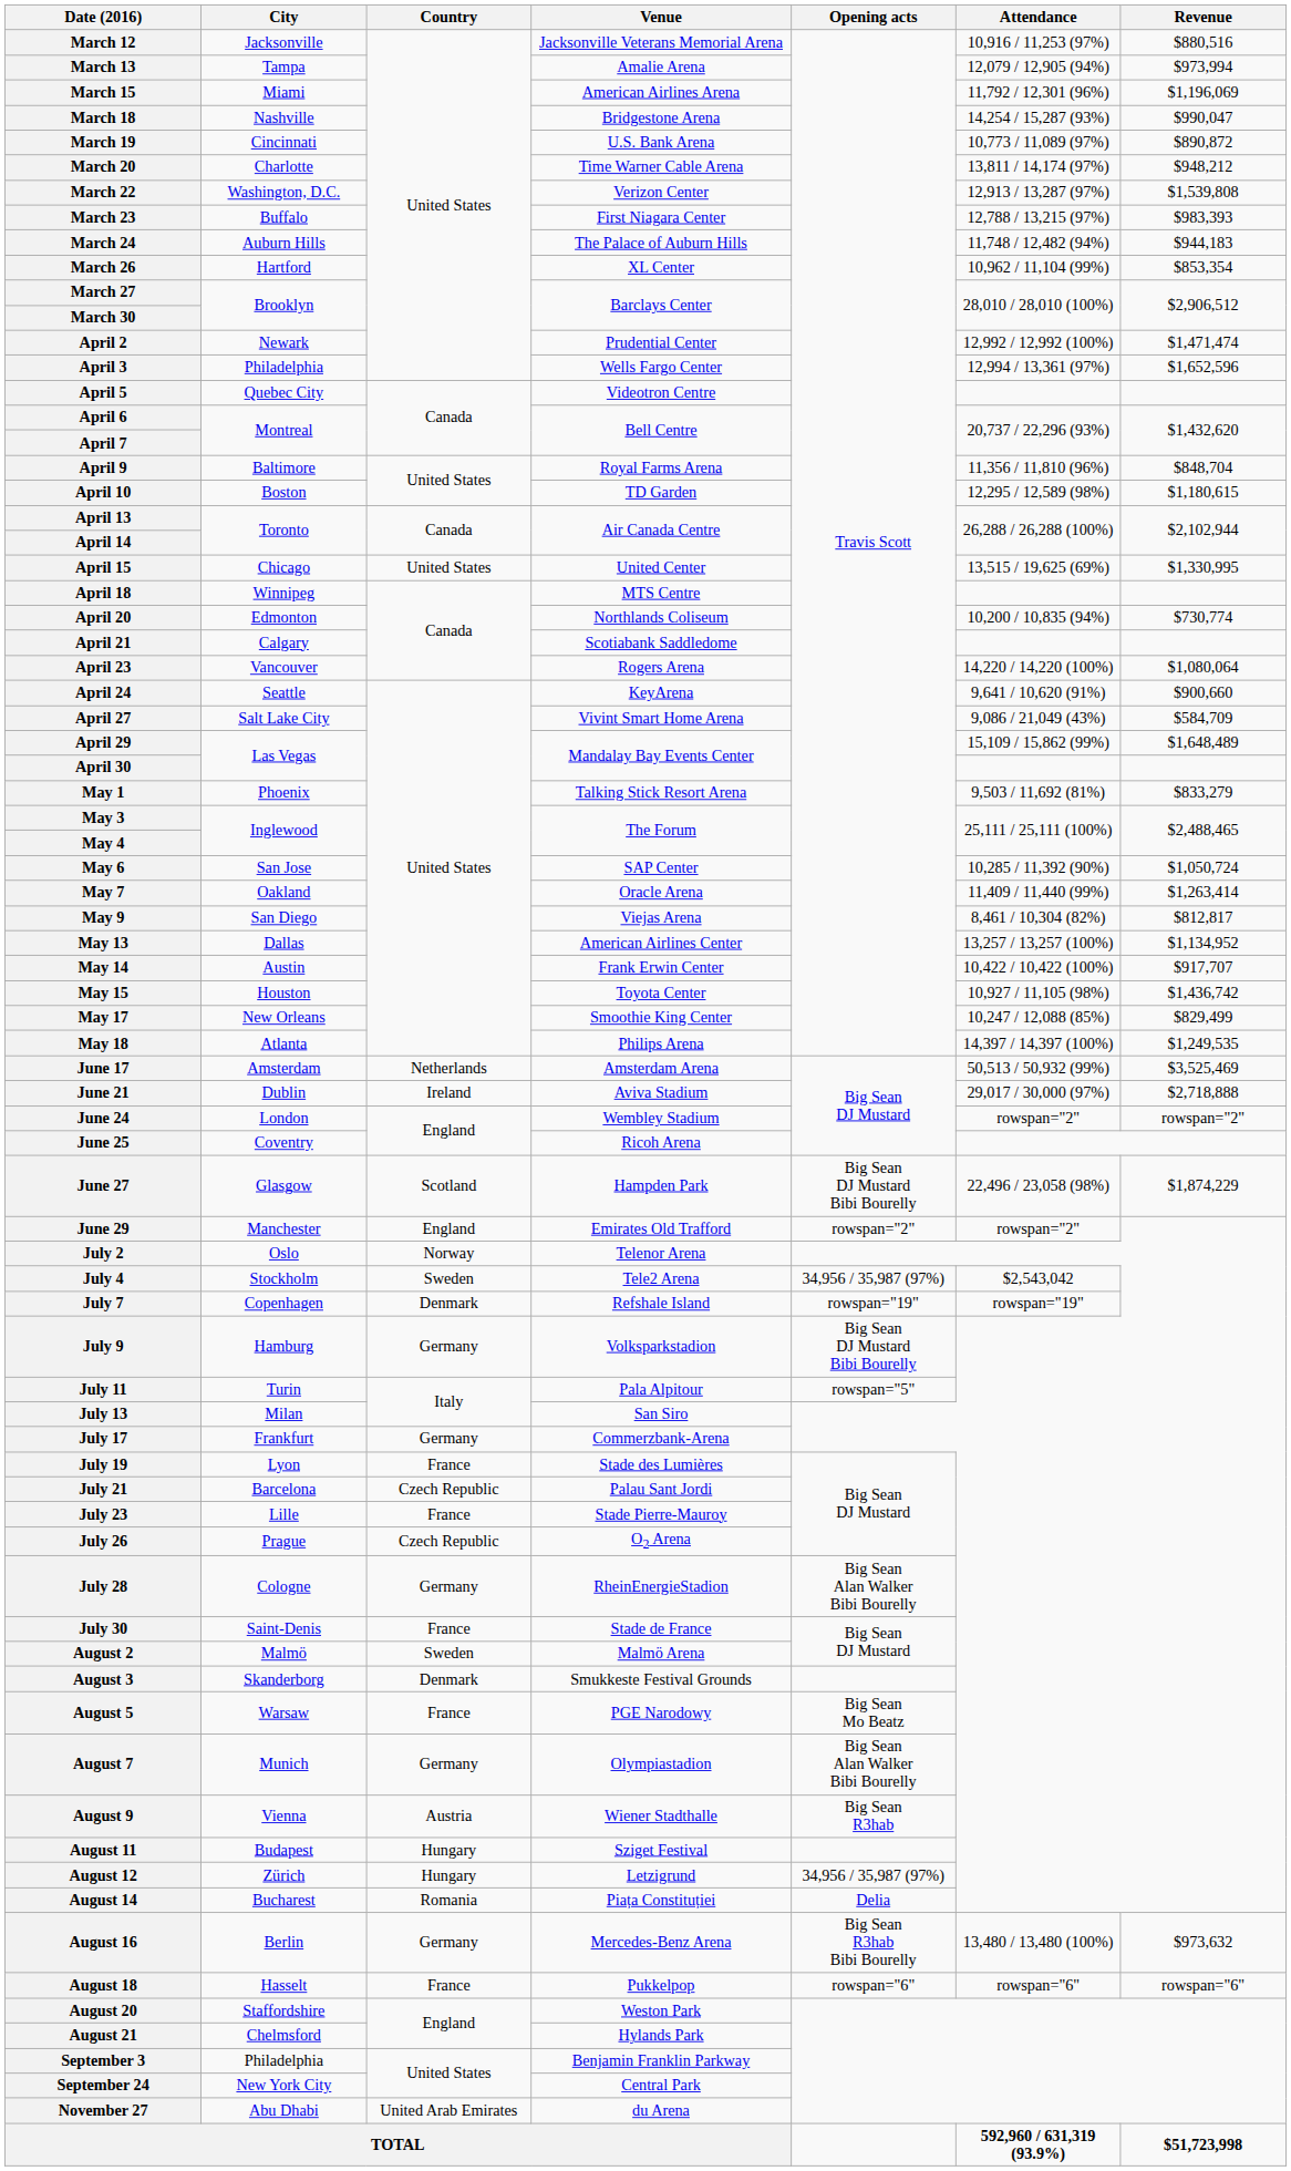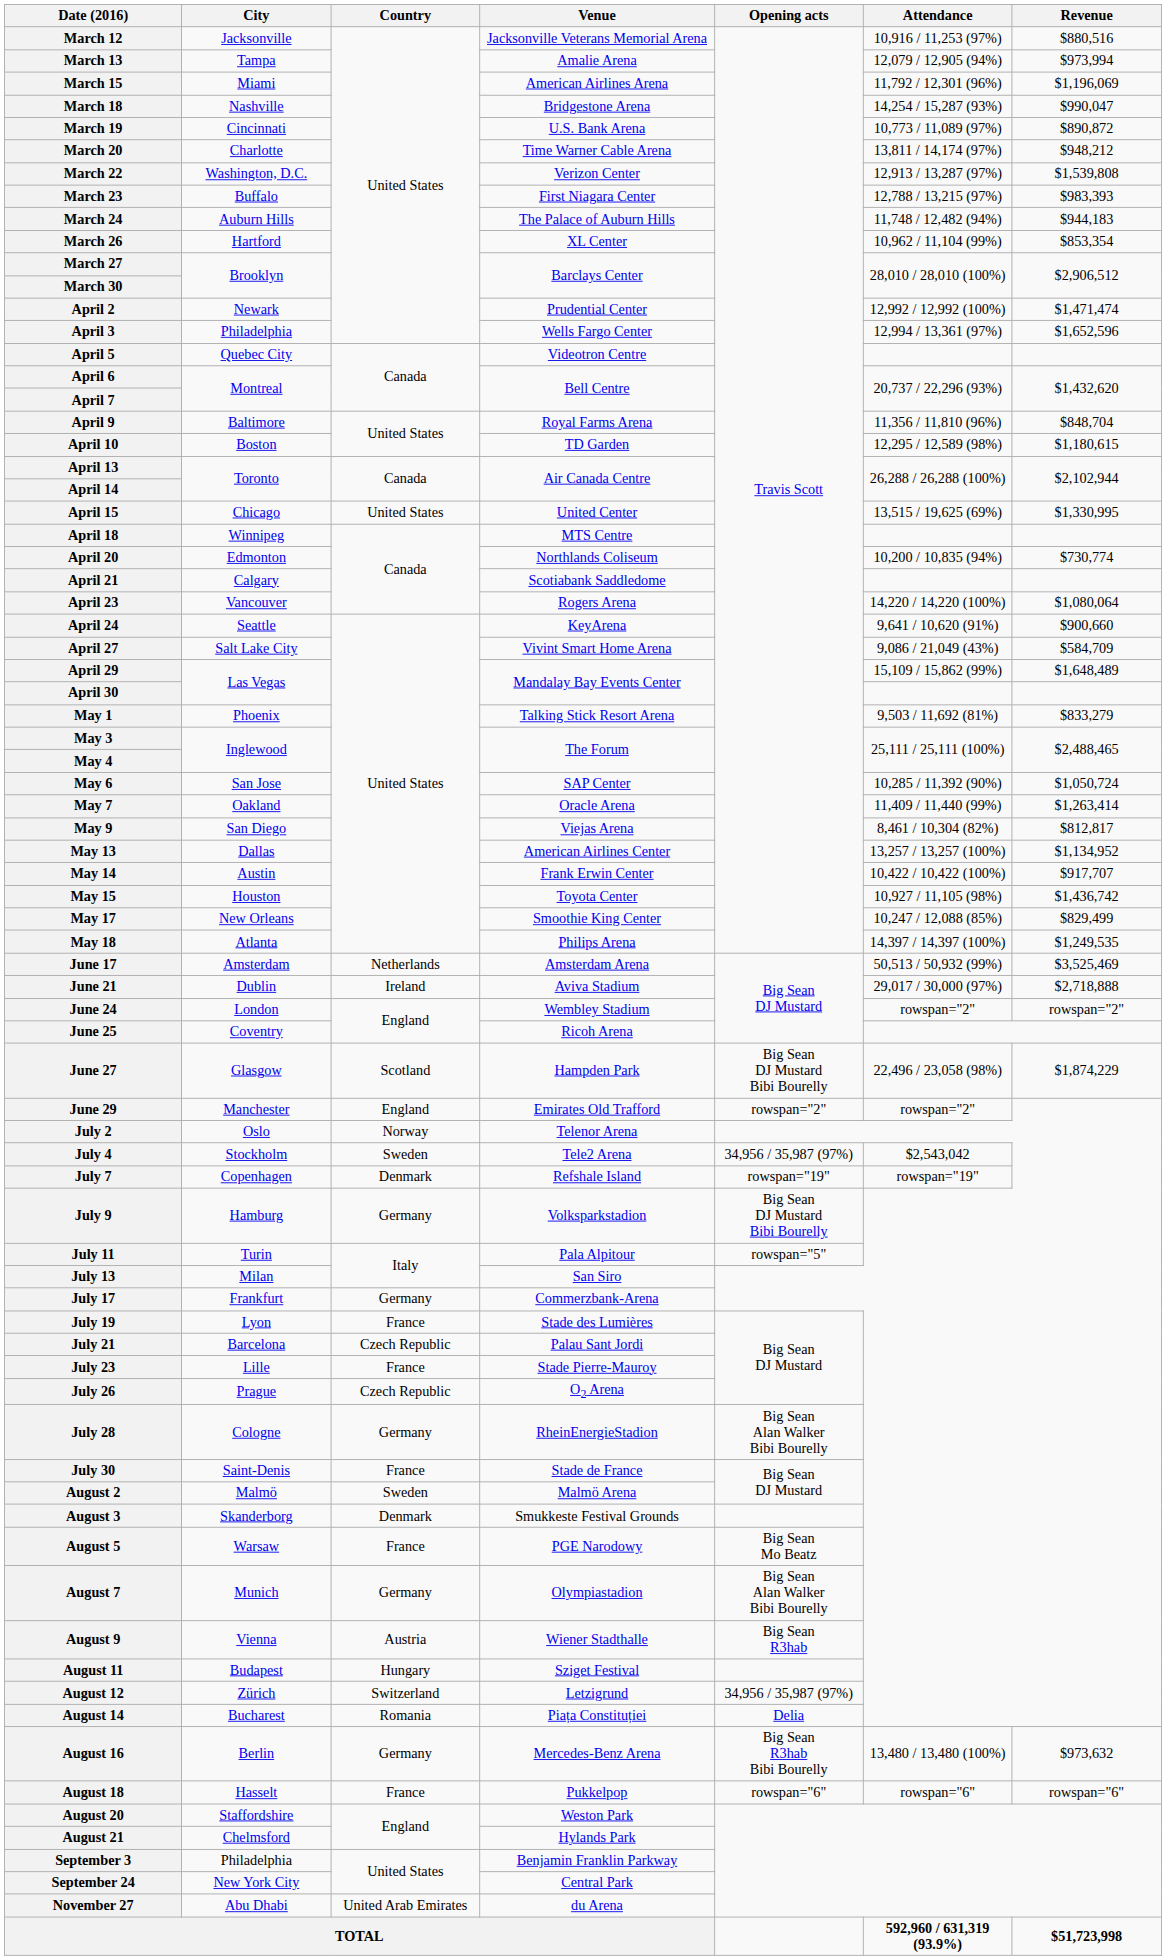 <table class="wikitable plainrowheaders" style="text-align:center;">
 <tr>
 <th scope="col" style="width:12em;">Date (2016)</th>
 <th scope="col" style="width:10em;">City</th>
 <th scope="col" style="width:10em;">Country</th>
 <th scope="col" style="width:16em;">Venue</th>
 <th scope="col" style="width:10em;">Opening acts</th>
 <th scope="col" style="width:10em;">Attendance</th>
 <th scope="col" style="width:10em;">Revenue</th>
 </tr>
 <tr>
 <th scope="row" style="text-align:center;">March 12</th>
 <td><a href='#'>Jacksonville</a></td>
 <td rowspan="14">United States</td>
 <td><a href='#'>Jacksonville Veterans Memorial Arena</a></td>
 <td rowspan="41"><a href='#'>Travis Scott</a><br></td>
 <td>10,916 / 11,253 (97%)</td>
 <td>$880,516</td>
 </tr>
 <tr>
 <th scope="row" style="text-align:center;">March 13</th>
 <td><a href='#'>Tampa</a></td>
 <td><a href='#'>Amalie Arena</a></td>
 <td>12,079 / 12,905 (94%)</td>
 <td>$973,994</td>
 </tr>
 <tr>
 <th scope="row" style="text-align:center;">March 15</th>
 <td><a href='#'>Miami</a></td>
 <td><a href='#'>American Airlines Arena</a></td>
 <td>11,792 / 12,301 (96%)</td>
 <td>$1,196,069</td>
 </tr>
 <tr>
 <th scope="row" style="text-align:center;">March 18</th>
 <td><a href='#'>Nashville</a></td>
 <td><a href='#'>Bridgestone Arena</a></td>
 <td>14,254 / 15,287 (93%)</td>
 <td>$990,047</td>
 </tr>
 <tr>
 <th scope="row" style="text-align:center;">March 19</th>
 <td><a href='#'>Cincinnati</a></td>
 <td><a href='#'>U.S. Bank Arena</a></td>
 <td>10,773 / 11,089 (97%)</td>
 <td>$890,872</td>
 </tr>
 <tr>
 <th scope="row" style="text-align:center;">March 20</th>
 <td><a href='#'>Charlotte</a></td>
 <td><a href='#'>Time Warner Cable Arena</a></td>
 <td>13,811 / 14,174 (97%)</td>
 <td>$948,212</td>
 </tr>
 <tr>
 <th scope="row" style="text-align:center;">March 22</th>
 <td><a href='#'>Washington, D.C.</a></td>
 <td><a href='#'>Verizon Center</a></td>
 <td>12,913 / 13,287 (97%)</td>
 <td>$1,539,808</td>
 </tr>
 <tr>
 <th scope="row" style="text-align:center;">March 23</th>
 <td><a href='#'>Buffalo</a></td>
 <td><a href='#'>First Niagara Center</a></td>
 <td>12,788 / 13,215 (97%)</td>
 <td>$983,393</td>
 </tr>
 <tr>
 <th scope="row" style="text-align:center;">March 24</th>
 <td><a href='#'>Auburn Hills</a></td>
 <td><a href='#'>The Palace of Auburn Hills</a></td>
 <td>11,748 / 12,482 (94%)</td>
 <td>$944,183</td>
 </tr>
 <tr>
 <th scope="row" style="text-align:center;">March 26</th>
 <td><a href='#'>Hartford</a></td>
 <td><a href='#'>XL Center</a></td>
 <td>10,962 / 11,104 (99%)</td>
 <td>$853,354</td>
 </tr>
 <tr>
 <th scope="row" style="text-align:center;">March 27</th>
 <td rowspan="2"><a href='#'>Brooklyn</a></td>
 <td rowspan="2"><a href='#'>Barclays Center</a></td>
 <td rowspan="2">28,010 / 28,010 (100%)</td>
 <td rowspan="2">$2,906,512</td>
 </tr>
 <tr>
 <th scope="row" style="text-align:center;">March 30</th>
 </tr>
 <tr>
 <th scope="row" style="text-align:center;">April 2</th>
 <td><a href='#'>Newark</a></td>
 <td><a href='#'>Prudential Center</a></td>
 <td>12,992 / 12,992  (100%)</td>
 <td>$1,471,474</td>
 </tr>
 <tr>
 <th scope="row" style="text-align:center;">April 3</th>
 <td><a href='#'>Philadelphia</a></td>
 <td><a href='#'>Wells Fargo Center</a></td>
 <td>12,994 / 13,361 (97%)</td>
 <td>$1,652,596</td>
 </tr>
 <tr>
 <th scope="row" style="text-align:center;">April 5</th>
 <td><a href='#'>Quebec City</a></td>
 <td rowspan="3">Canada</td>
 <td><a href='#'>Videotron Centre</a></td>
 <td></td>
 <td></td>
 </tr>
 <tr>
 <th scope="row" style="text-align:center;">April 6</th>
 <td rowspan="2"><a href='#'>Montreal</a></td>
 <td rowspan="2"><a href='#'>Bell Centre</a></td>
 <td rowspan="2">20,737 / 22,296 (93%)</td>
 <td rowspan="2">$1,432,620</td>
 </tr>
 <tr>
 <th scope="row" style="text-align:center;">April 7</th>
 </tr>
 <tr>
 <th scope="row" style="text-align:center;">April 9</th>
 <td><a href='#'>Baltimore</a></td>
 <td rowspan="2">United States</td>
 <td><a href='#'>Royal Farms Arena</a></td>
 <td>11,356 / 11,810 (96%)</td>
 <td>$848,704</td>
 </tr>
 <tr>
 <th scope="row" style="text-align:center;">April 10</th>
 <td><a href='#'>Boston</a></td>
 <td><a href='#'>TD Garden</a></td>
 <td>12,295 / 12,589 (98%)</td>
 <td>$1,180,615</td>
 </tr>
 <tr>
 <th scope="row" style="text-align:center;">April 13</th>
 <td rowspan="2"><a href='#'>Toronto</a></td>
 <td rowspan="2">Canada</td>
 <td rowspan="2"><a href='#'>Air Canada Centre</a></td>
 <td rowspan="2">26,288 / 26,288 (100%)</td>
 <td rowspan="2">$2,102,944</td>
 </tr>
 <tr>
 <th scope="row" style="text-align:center;">April 14</th>
 </tr>
 <tr>
 <th scope="row" style="text-align:center;">April 15</th>
 <td><a href='#'>Chicago</a></td>
 <td>United States</td>
 <td><a href='#'>United Center</a></td>
 <td>13,515 / 19,625 (69%)</td>
 <td>$1,330,995</td>
 </tr>
 <tr>
 <th scope="row" style="text-align:center;">April 18</th>
 <td><a href='#'>Winnipeg</a></td>
 <td rowspan="4">Canada</td>
 <td><a href='#'>MTS Centre</a></td>
 <td></td>
 <td></td>
 </tr>
 <tr>
 <th scope="row" style="text-align:center;">April 20</th>
 <td><a href='#'>Edmonton</a></td>
 <td><a href='#'>Northlands Coliseum</a></td>
 <td>10,200 / 10,835 (94%)</td>
 <td>$730,774</td>
 </tr>
 <tr>
 <th scope="row" style="text-align:center;">April 21</th>
 <td><a href='#'>Calgary</a></td>
 <td><a href='#'>Scotiabank Saddledome</a></td>
 <td></td>
 <td></td>
 </tr>
 <tr>
 <th scope="row" style="text-align:center;">April 23</th>
 <td><a href='#'>Vancouver</a></td>
 <td><a href='#'>Rogers Arena</a></td>
 <td>14,220 / 14,220 (100%)</td>
 <td>$1,080,064</td>
 </tr>
 <tr>
 <th scope="row" style="text-align:center;">April 24</th>
 <td><a href='#'>Seattle</a></td>
 <td rowspan="15">United States</td>
 <td><a href='#'>KeyArena</a></td>
 <td>9,641 / 10,620 (91%)</td>
 <td>$900,660</td>
 </tr>
 <tr>
 <th scope="row" style="text-align:center;">April 27</th>
 <td><a href='#'>Salt Lake City</a></td>
 <td><a href='#'>Vivint Smart Home Arena</a></td>
 <td>9,086 / 21,049 (43%)</td>
 <td>$584,709</td>
 </tr>
 <tr>
 <th scope="row" style="text-align:center;">April 29</th>
 <td rowspan="2"><a href='#'>Las Vegas</a></td>
 <td rowspan="2"><a href='#'>Mandalay Bay Events Center</a></td>
 <td>15,109 / 15,862 (99%)</td>
 <td>$1,648,489</td>
 </tr>
 <tr>
 <th scope="row" style="text-align:center;">April 30</th>
 <td></td>
 <td></td>
 </tr>
 <tr>
 <th scope="row" style="text-align:center;">May 1</th>
 <td><a href='#'>Phoenix</a></td>
 <td><a href='#'>Talking Stick Resort Arena</a></td>
 <td>9,503 / 11,692 (81%)</td>
 <td>$833,279</td>
 </tr>
 <tr>
 <th scope="row" style="text-align:center;">May 3</th>
 <td rowspan="2"><a href='#'>Inglewood</a></td>
 <td rowspan="2"><a href='#'>The Forum</a></td>
 <td rowspan="2">25,111 / 25,111 (100%)</td>
 <td rowspan="2">$2,488,465</td>
 </tr>
 <tr>
 <th scope="row" style="text-align:center;">May 4</th>
 </tr>
 <tr>
 <th scope="row" style="text-align:center;">May 6</th>
 <td><a href='#'>San Jose</a></td>
 <td><a href='#'>SAP Center</a></td>
 <td>10,285 / 11,392 (90%)</td>
 <td>$1,050,724</td>
 </tr>
 <tr>
 <th scope="row" style="text-align:center;">May 7</th>
 <td><a href='#'>Oakland</a></td>
 <td><a href='#'>Oracle Arena</a></td>
 <td>11,409 / 11,440 (99%)</td>
 <td>$1,263,414</td>
 </tr>
 <tr>
 <th scope="row" style="text-align:center;">May 9</th>
 <td><a href='#'>San Diego</a></td>
 <td><a href='#'>Viejas Arena</a></td>
 <td>8,461 / 10,304 (82%)</td>
 <td>$812,817</td>
 </tr>
 <tr>
 <th scope="row" style="text-align:center;">May 13</th>
 <td><a href='#'>Dallas</a></td>
 <td><a href='#'>American Airlines Center</a></td>
 <td>13,257 / 13,257 (100%)</td>
 <td>$1,134,952</td>
 </tr>
 <tr>
 <th scope="row" style="text-align:center;">May 14</th>
 <td><a href='#'>Austin</a></td>
 <td><a href='#'>Frank Erwin Center</a></td>
 <td>10,422 / 10,422 (100%)</td>
 <td>$917,707</td>
 </tr>
 <tr>
 <th scope="row" style="text-align:center;">May 15</th>
 <td><a href='#'>Houston</a></td>
 <td><a href='#'>Toyota Center</a></td>
 <td>10,927 / 11,105 (98%)</td>
 <td>$1,436,742</td>
 </tr>
 <tr>
 <th scope="row" style="text-align:center;">May 17</th>
 <td><a href='#'>New Orleans</a></td>
 <td><a href='#'>Smoothie King Center</a></td>
 <td>10,247 / 12,088 (85%)</td>
 <td>$829,499</td>
 </tr>
 <tr>
 <th scope="row" style="text-align:center;">May 18</th>
 <td><a href='#'>Atlanta</a></td>
 <td><a href='#'>Philips Arena</a></td>
 <td>14,397 / 14,397 (100%)</td>
 <td>$1,249,535</td>
 </tr>
 <tr>
 <th scope="row" style="text-align:center;">June 17</th>
 <td><a href='#'>Amsterdam</a></td>
 <td>Netherlands</td>
 <td><a href='#'>Amsterdam Arena</a></td>
 <td rowspan="4"><a href='#'>Big Sean</a><br><a href='#'>DJ Mustard</a></td>
 <td>50,513 / 50,932 (99%)</td>
 <td>$3,525,469</td>
 </tr>
 <tr>
 <th scope="row" style="text-align:center;">June 21</th>
 <td><a href='#'>Dublin</a></td>
 <td>Ireland</td>
 <td><a href='#'>Aviva Stadium</a></td>
 <td>29,017 / 30,000 (97%)</td>
 <td>$2,718,888</td>
 </tr>
 <tr>
 <th scope="row" style="text-align:center;">June 24</th>
 <td><a href='#'>London</a></td>
 <td rowspan="2">England</td>
 <td><a href='#'>Wembley Stadium</a></td>
 <td>rowspan="2" </td>
 <td>rowspan="2" </td>
 </tr>
 <tr>
 <th scope="row" style="text-align:center;">June 25</th>
 <td><a href='#'>Coventry</a></td>
 <td><a href='#'>Ricoh Arena</a></td>
 </tr>
 <tr>
 <th scope="row" style="text-align:center;">June 27</th>
 <td><a href='#'>Glasgow</a></td>
 <td>Scotland</td>
 <td><a href='#'>Hampden Park</a></td>
 <td>Big Sean<br>DJ Mustard<br>Bibi Bourelly</td>
 <td>22,496 / 23,058 (98%)</td>
 <td>$1,874,229</td>
 </tr>
 <tr>
 <th scope="row" style="text-align:center;">June 29</th>
 <td><a href='#'>Manchester</a></td>
 <td>England</td>
 <td><a href='#'>Emirates Old Trafford</a></td>
 <td>rowspan="2" </td>
 <td>rowspan="2" </td>
 </tr>
 <tr>
 <th scope="row" style="text-align:center;">July 2</th>
 <td><a href='#'>Oslo</a></td>
 <td>Norway</td>
 <td><a href='#'>Telenor Arena</a></td>
 </tr>
 <tr>
 <th scope="row" style="text-align:center;">July 4</th>
 <td><a href='#'>Stockholm</a></td>
 <td>Sweden</td>
 <td><a href='#'>Tele2 Arena</a></td>
 <td>34,956 / 35,987 (97%)</td>
 <td>$2,543,042</td>
 </tr>
 <tr>
 <th scope="row" style="text-align:center;">July 7</th>
 <td><a href='#'>Copenhagen</a></td>
 <td>Denmark</td>
 <td><a href='#'>Refshale Island</a></td>
 <td>rowspan="19" </td>
 <td>rowspan="19" </td>
 </tr>
 <tr>
 <th scope="row" style="text-align:center;">July 9</th>
 <td><a href='#'>Hamburg</a></td>
 <td>Germany</td>
 <td><a href='#'>Volksparkstadion</a></td>
 <td>Big Sean<br>DJ Mustard<br><a href='#'>Bibi Bourelly</a></td>
 </tr>
 <tr>
 <th scope="row" style="text-align:center;">July 11</th>
 <td><a href='#'>Turin</a></td>
 <td rowspan="2">Italy</td>
 <td><a href='#'>Pala Alpitour</a></td>
 <td>rowspan="5" </td>
 </tr>
 <tr>
 <th scope="row" style="text-align:center;">July 13</th>
 <td><a href='#'>Milan</a></td>
 <td><a href='#'>San Siro</a></td>
 </tr>
 <tr>
 <th scope="row" style="text-align:center;">July 17</th>
 <td><a href='#'>Frankfurt</a></td>
 <td>Germany</td>
 <td><a href='#'>Commerzbank-Arena</a></td>
 </tr>
 <tr>
 <th scope="row" style="text-align:center;">July 19</th>
 <td><a href='#'>Lyon</a></td>
 <td>France</td>
 <td><a href='#'>Stade des Lumières</a></td>
 <td rowspan="4">Big Sean<br>DJ Mustard</td>
 </tr>
 <tr>
 <th scope="row" style="text-align:center;">July 21</th>
 <td><a href='#'>Barcelona</a></td>
 <td>Czech Republic</td>
 <td><a href='#'>Palau Sant Jordi</a></td>
 </tr>
 <tr>
 <th scope="row" style="text-align:center;">July 23</th>
 <td><a href='#'>Lille</a></td>
 <td>France</td>
 <td><a href='#'>Stade Pierre-Mauroy</a></td>
 </tr>
 <tr>
 <th scope="row" style="text-align:center;">July 26</th>
 <td><a href='#'>Prague</a></td>
 <td>Czech Republic</td>
 <td><a href='#'>O<sub>2</sub> Arena</a></td>
 </tr>
 <tr>
 <th scope="row" style="text-align:center;">July 28</th>
 <td><a href='#'>Cologne</a></td>
 <td>Germany</td>
 <td><a href='#'>RheinEnergieStadion</a></td>
 <td>Big Sean<br>Alan Walker<br>Bibi Bourelly</td>
 </tr>
 <tr>
 <th scope="row" style="text-align:center;">July 30</th>
 <td><a href='#'>Saint-Denis</a></td>
 <td>France</td>
 <td><a href='#'>Stade de France</a></td>
 <td rowspan="2">Big Sean<br>DJ Mustard</td>
 </tr>
 <tr>
 <th scope="row" style="text-align:center;">August 2</th>
 <td><a href='#'>Malmö</a></td>
 <td>Sweden</td>
 <td><a href='#'>Malmö Arena</a></td>
 </tr>
 <tr>
 <th scope="row" style="text-align:center;">August 3</th>
 <td><a href='#'>Skanderborg</a></td>
 <td>Denmark</td>
 <td>Smukkeste Festival Grounds</td>
 <td></td>
 </tr>
 <tr>
 <th scope="row" style="text-align:center;">August 5</th>
 <td><a href='#'>Warsaw</a></td>
 <td>France</td>
 <td><a href='#'>PGE Narodowy</a></td>
 <td>Big Sean<br>Mo Beatz</td>
 </tr>
 <tr>
 <th scope="row" style="text-align:center;">August 7</th>
 <td><a href='#'>Munich</a></td>
 <td>Germany</td>
 <td><a href='#'>Olympiastadion</a></td>
 <td>Big Sean<br>Alan Walker<br>Bibi Bourelly</td>
 </tr>
 <tr>
 <th scope="row" style="text-align:center;">August 9</th>
 <td><a href='#'>Vienna</a></td>
 <td>Austria</td>
 <td><a href='#'>Wiener Stadthalle</a></td>
 <td>Big Sean<br><a href='#'>R3hab</a></td>
 </tr>
 <tr>
 <th scope="row" style="text-align:center;">August 11</th>
 <td><a href='#'>Budapest</a></td>
 <td>Hungary</td>
 <td><a href='#'>Sziget Festival</a></td>
 <td></td>
 </tr>
 <tr>
 <th scope="row" style="text-align:center;">August 12</th>
 <td><a href='#'>Zürich</a></td>
-<td>Hungary</td>
+<td>Switzerland</td>
 <td><a href='#'>Letzigrund</a></td>
 <td>34,956 / 35,987 (97%)</td>
 </tr>
 <tr>
 <th scope="row" style="text-align:center;">August 14</th>
 <td><a href='#'>Bucharest</a></td>
 <td>Romania</td>
 <td><a href='#'>Piața Constituției</a></td>
 <td><a href='#'>Delia</a></td>
 </tr>
 <tr>
 <th scope="row" style="text-align:center;">August 16</th>
 <td><a href='#'>Berlin</a></td>
 <td>Germany</td>
 <td><a href='#'>Mercedes-Benz Arena</a></td>
 <td>Big Sean<br><a href='#'>R3hab</a><br>Bibi Bourelly</td>
 <td>13,480 / 13,480 (100%)</td>
 <td>$973,632</td>
 </tr>
 <tr>
 <th scope="row" style="text-align:center;">August 18</th>
 <td><a href='#'>Hasselt</a></td>
 <td>France</td>
 <td><a href='#'>Pukkelpop</a></td>
 <td>rowspan="6" </td>
 <td>rowspan="6" </td>
 <td>rowspan="6" </td>
 </tr>
 <tr>
 <th scope="row" style="text-align:center;">August 20</th>
 <td><a href='#'>Staffordshire</a></td>
 <td rowspan="2">England</td>
 <td><a href='#'>Weston Park</a></td>
 </tr>
 <tr>
 <th scope="row" style="text-align:center;">August 21</th>
 <td><a href='#'>Chelmsford</a></td>
 <td><a href='#'>Hylands Park</a></td>
 </tr>
 <tr>
 <th scope="row" style="text-align:center;">September 3</th>
 <td>Philadelphia</td>
 <td rowspan="2">United States</td>
 <td><a href='#'>Benjamin Franklin Parkway</a></td>
 </tr>
 <tr>
 <th scope="row" style="text-align:center;">September 24</th>
 <td><a href='#'>New York City</a></td>
 <td><a href='#'>Central Park</a></td>
 </tr>
 <tr>
 <th scope="row" style="text-align:center;">November 27</th>
 <td><a href='#'>Abu Dhabi</a></td>
 <td>United Arab Emirates</td>
 <td><a href='#'>du Arena</a></td>
 </tr>
 <tr>
 <th colspan="4"><strong>TOTAL</strong></th>
 <td></td>
 <td><strong>592,960 / 631,319 (93.9%)</strong></td>
 <td><strong>$51,723,998</strong></td>
 </tr>
 </table>
